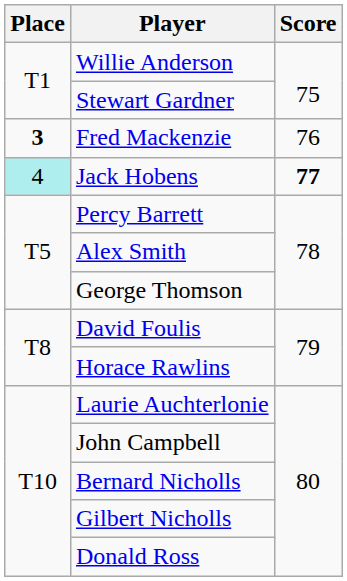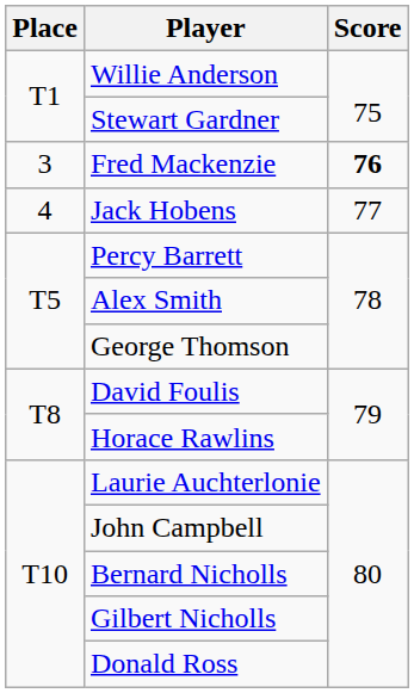 <table class=wikitable>
 <tr>
 <th>Place</th>
 <th>Player</th>
 <th>Score</th>
 </tr>
 <tr>
 <td rowspan=2 align=center>T1</td>
 <td> <a href='#'>Willie Anderson</a></td>
 <td align=center rowspan=2><br>75</td>
 </tr>
 <tr>
 <td> <a href='#'>Stewart Gardner</a></td>
 </tr>
 <tr>
-<td align=center><strong>3</strong></td>
+<td align=center>3</td>
 <td> <a href='#'>Fred Mackenzie</a></td>
-<td align=center>76</td>
+<td align=center><strong>76</strong></td>
 </tr>
 <tr>
-<td align=center style="background: paleturquoise;">4</td>
+<td align=center>4</td>
 <td> <a href='#'>Jack Hobens</a></td>
-<td align=center><strong>77</strong></td>
+<td align=center>77</td>
 </tr>
 <tr>
 <td rowspan=3 align=center>T5</td>
 <td> <a href='#'>Percy Barrett</a></td>
 <td rowspan=3 align=center>78</td>
 </tr>
 <tr>
 <td> <a href='#'>Alex Smith</a></td>
 </tr>
 <tr>
 <td>George Thomson</td>
 </tr>
 <tr>
 <td rowspan=2 align=center>T8</td>
 <td> <a href='#'>David Foulis</a></td>
 <td rowspan=2 align=center>79</td>
 </tr>
 <tr>
 <td> <a href='#'>Horace Rawlins</a></td>
 </tr>
 <tr>
 <td rowspan=5 align=center>T10</td>
 <td> <a href='#'>Laurie Auchterlonie</a></td>
 <td rowspan=5 align=center>80</td>
 </tr>
 <tr>
 <td>John Campbell</td>
 </tr>
 <tr>
 <td> <a href='#'>Bernard Nicholls</a></td>
 </tr>
 <tr>
 <td> <a href='#'>Gilbert Nicholls</a></td>
 </tr>
 <tr>
 <td> <a href='#'>Donald Ross</a></td>
 </tr>
 </table>
